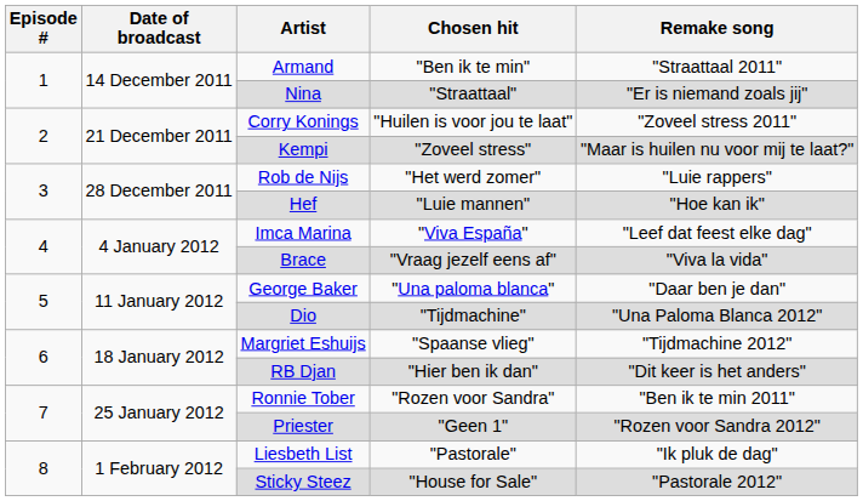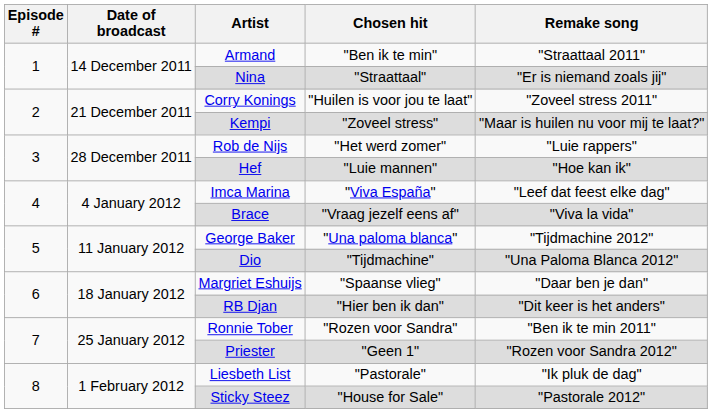 <table class="wikitable">
 <tr>
 <th>Episode <br>#</th>
 <th>Date of <br>broadcast</th>
 <th>Artist</th>
 <th>Chosen hit</th>
 <th>Remake song</th>
 </tr>
 <tr>
 <td rowspan=2 align="center">1</td>
 <td rowspan=2 align="center">14 December 2011</td>
 <td align="center"><a href='#'>Armand</a></td>
 <td align="center">"Ben ik te min"</td>
 <td align="center">"Straattaal 2011"</td>
 </tr>
 <tr bgcolor=DDDDDD>
 <td align="center"><a href='#'>Nina</a></td>
 <td align="center">"Straattaal"</td>
 <td align="center">"Er is niemand zoals jij"</td>
 </tr>
 <tr>
 <td rowspan=2 align="center">2</td>
 <td rowspan=2 align="center">21 December 2011</td>
 <td align="center"><a href='#'>Corry Konings</a></td>
 <td align="center">"Huilen is voor jou te laat"</td>
 <td align="center">"Zoveel stress 2011"</td>
 </tr>
 <tr bgcolor=DDDDDD>
 <td align="center"><a href='#'>Kempi</a></td>
 <td align="center">"Zoveel stress"</td>
 <td align="center">"Maar is huilen nu voor mij te laat?"</td>
 </tr>
 <tr>
 <td rowspan=2 align="center">3</td>
 <td rowspan=2 align="center">28 December 2011</td>
 <td align="center"><a href='#'>Rob de Nijs</a></td>
 <td align="center">"Het werd zomer"</td>
 <td align="center">"Luie rappers"</td>
 </tr>
 <tr bgcolor=DDDDDD>
 <td align="center"><a href='#'>Hef</a></td>
 <td align="center">"Luie mannen"</td>
 <td align="center">"Hoe kan ik"</td>
 </tr>
 <tr>
 <td rowspan=2 align="center">4</td>
 <td rowspan=2 align="center">4 January 2012</td>
 <td align="center"><a href='#'>Imca Marina</a></td>
 <td align="center">"<a href='#'>Viva España</a>"</td>
 <td align="center">"Leef dat feest elke dag"</td>
 </tr>
 <tr bgcolor=DDDDDD>
 <td align="center"><a href='#'>Brace</a></td>
 <td align="center">"Vraag jezelf eens af"</td>
 <td align="center">"Viva la vida"</td>
 </tr>
 <tr>
 <td rowspan=2 align="center">5</td>
 <td rowspan=2 align="center">11 January 2012</td>
 <td align="center"><a href='#'>George Baker</a></td>
 <td align="center">"<a href='#'>Una paloma blanca</a>"</td>
-<td align="center">"Daar ben je dan"</td>
+<td align="center">"Tijdmachine 2012"</td>
 </tr>
 <tr bgcolor=DDDDDD>
 <td align="center"><a href='#'>Dio</a></td>
 <td align="center">"Tijdmachine"</td>
 <td align="center">"Una Paloma Blanca 2012"</td>
 </tr>
 <tr>
 <td rowspan=2 align="center">6</td>
 <td rowspan=2 align="center">18 January 2012</td>
 <td align="center"><a href='#'>Margriet Eshuijs</a></td>
 <td align="center">"Spaanse vlieg"</td>
-<td align="center">"Tijdmachine 2012"</td>
+<td align="center">"Daar ben je dan"</td>
 </tr>
 <tr bgcolor=DDDDDD>
 <td align="center"><a href='#'>RB Djan</a></td>
 <td align="center">"Hier ben ik dan"</td>
 <td align="center">"Dit keer is het anders"</td>
 </tr>
 <tr>
 <td rowspan=2 align="center">7</td>
 <td rowspan=2 align="center">25 January 2012</td>
 <td align="center"><a href='#'>Ronnie Tober</a></td>
 <td align="center">"Rozen voor Sandra"</td>
 <td align="center">"Ben ik te min 2011"</td>
 </tr>
 <tr bgcolor=DDDDDD>
 <td align="center"><a href='#'>Priester</a></td>
 <td align="center">"Geen 1"</td>
 <td align="center">"Rozen voor Sandra 2012"</td>
 </tr>
 <tr>
 <td rowspan=2 align="center">8</td>
 <td rowspan=2 align="center">1 February 2012</td>
 <td align="center"><a href='#'>Liesbeth List</a></td>
 <td align="center">"Pastorale"</td>
 <td align="center">"Ik pluk de dag"</td>
 </tr>
 <tr bgcolor=DDDDDD>
 <td align="center"><a href='#'>Sticky Steez</a></td>
 <td align="center">"House for Sale"</td>
 <td align="center">"Pastorale 2012"</td>
 </tr>
 </table>
